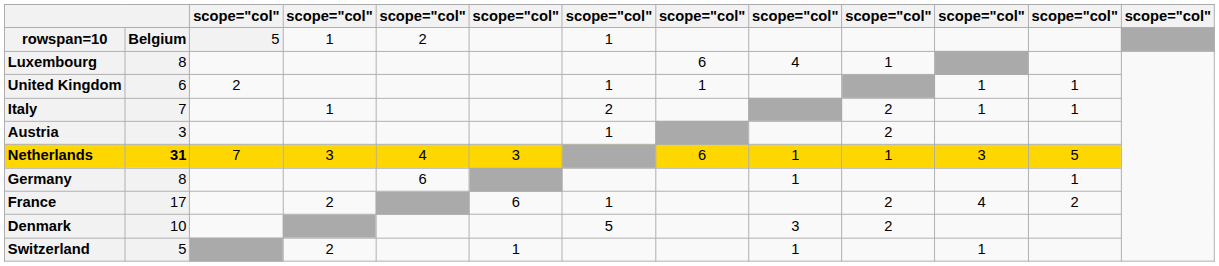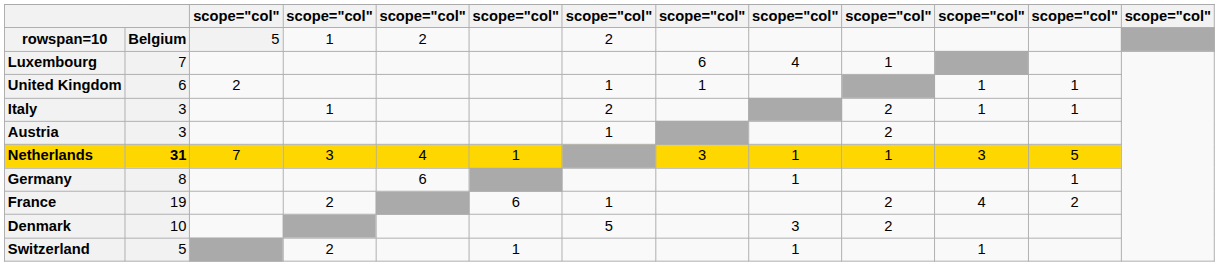 <table class="wikitable plainrowheaders" style="text-align:center;">
 <tr>
 </tr>
 <tr>
 <th colspan="2"></th>
 <th>scope="col" </th>
 <th>scope="col" </th>
 <th>scope="col" </th>
 <th>scope="col" </th>
 <th>scope="col" </th>
 <th>scope="col" </th>
 <th>scope="col" </th>
 <th>scope="col" </th>
 <th>scope="col" </th>
 <th>scope="col" </th>
 <th>scope="col" </th>
 </tr>
 <tr>
 <th>rowspan=10 </th>
 <th scope="row" style="text-align:left; background:#f2f2f2;">Belgium</th>
 <td style="text-align:right; background:#f2f2f2;">5</td>
 <td>1</td>
 <td>2</td>
 <td></td>
-<td>1</td>
+<td>2</td>
 <td></td>
 <td></td>
 <td></td>
 <td></td>
 <td></td>
 <td style="text-align:left; background:#aaa;"></td>
 </tr>
 <tr>
 <th scope="row" style="text-align:left; background:#f2f2f2;">Luxembourg</th>
-<td style="text-align:right; background:#f2f2f2;">8</td>
+<td style="text-align:right; background:#f2f2f2;">7</td>
 <td></td>
 <td></td>
 <td></td>
 <td></td>
 <td></td>
 <td>6</td>
 <td>4</td>
 <td>1</td>
 <td style="text-align:left; background:#aaa;"></td>
 <td></td>
 </tr>
 <tr>
 <th scope="row" style="text-align:left; background:#f2f2f2;">United Kingdom</th>
 <td style="text-align:right; background:#f2f2f2;">6</td>
 <td>2</td>
 <td></td>
 <td></td>
 <td></td>
 <td>1</td>
 <td>1</td>
 <td></td>
 <td style="text-align:left; background:#aaa;"></td>
 <td>1</td>
 <td>1</td>
 </tr>
 <tr>
 <th scope="row" style="text-align:left; background:#f2f2f2;">Italy</th>
-<td style="text-align:right; background:#f2f2f2;">7</td>
+<td style="text-align:right; background:#f2f2f2;">3</td>
 <td></td>
 <td>1</td>
 <td></td>
 <td></td>
 <td>2</td>
 <td></td>
 <td style="text-align:left; background:#aaa;"></td>
 <td>2</td>
 <td>1</td>
 <td>1</td>
 </tr>
 <tr>
 <th scope="row" style="text-align:left; background:#f2f2f2;">Austria</th>
 <td style="text-align:right; background:#f2f2f2;">3</td>
 <td></td>
 <td></td>
 <td></td>
 <td></td>
 <td>1</td>
 <td style="text-align:left; background:#aaa;"></td>
 <td></td>
 <td>2</td>
 <td></td>
 <td></td>
 </tr>
 <tr style="background:gold;">
 <th scope="row" style="text-align:left; font-weight:bold; background:gold;">Netherlands</th>
 <td style="text-align:right; font-weight:bold;">31</td>
 <td>7</td>
 <td>3</td>
 <td>4</td>
+<td>1</td>
+<td style="text-align:left; background:#aaa;"></td>
 <td>3</td>
-<td style="text-align:left; background:#aaa;"></td>
-<td>6</td>
 <td>1</td>
 <td>1</td>
 <td>3</td>
 <td>5</td>
 </tr>
 <tr>
 <th scope="row" style="text-align:left; background:#f2f2f2;">Germany</th>
 <td style="text-align:right; background:#f2f2f2;">8</td>
 <td></td>
 <td></td>
 <td>6</td>
 <td style="text-align:left; background:#aaa;"></td>
 <td></td>
 <td></td>
 <td>1</td>
 <td></td>
 <td></td>
 <td>1</td>
 </tr>
 <tr>
 <th scope="row" style="text-align:left; background:#f2f2f2;">France</th>
-<td style="text-align:right; background:#f2f2f2;">17</td>
+<td style="text-align:right; background:#f2f2f2;">19</td>
 <td></td>
 <td>2</td>
 <td style="text-align:left; background:#aaa;"></td>
 <td>6</td>
 <td>1</td>
 <td></td>
 <td></td>
 <td>2</td>
 <td>4</td>
 <td>2</td>
 </tr>
 <tr>
 <th scope="row" style="text-align:left; background:#f2f2f2;">Denmark</th>
 <td style="text-align:right; background:#f2f2f2;">10</td>
 <td></td>
 <td style="text-align:left; background:#aaa;"></td>
 <td></td>
 <td></td>
 <td>5</td>
 <td></td>
 <td>3</td>
 <td>2</td>
 <td></td>
 <td></td>
 </tr>
 <tr>
 <th scope="row" style="text-align:left; background:#f2f2f2;">Switzerland</th>
 <td style="text-align:right; background:#f2f2f2;">5</td>
 <td style="text-align:left; background:#aaa;"></td>
 <td>2</td>
 <td></td>
 <td>1</td>
 <td></td>
 <td></td>
 <td>1</td>
 <td></td>
 <td>1</td>
 <td></td>
 </tr>
 </table>
